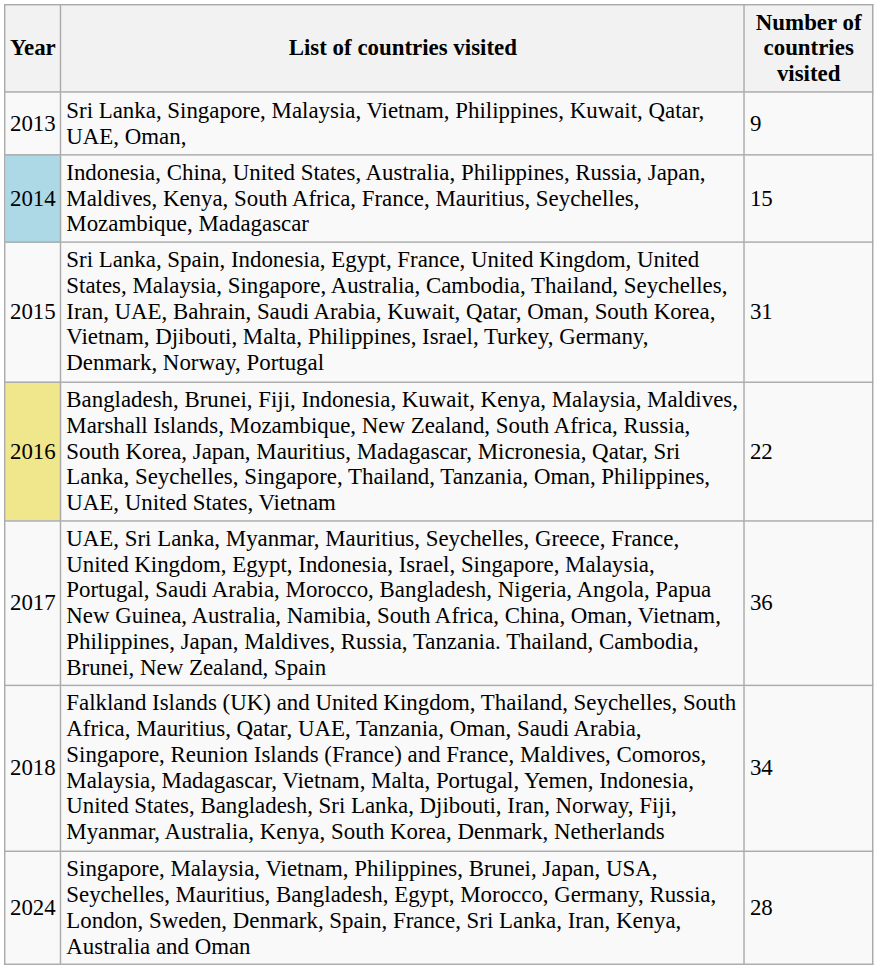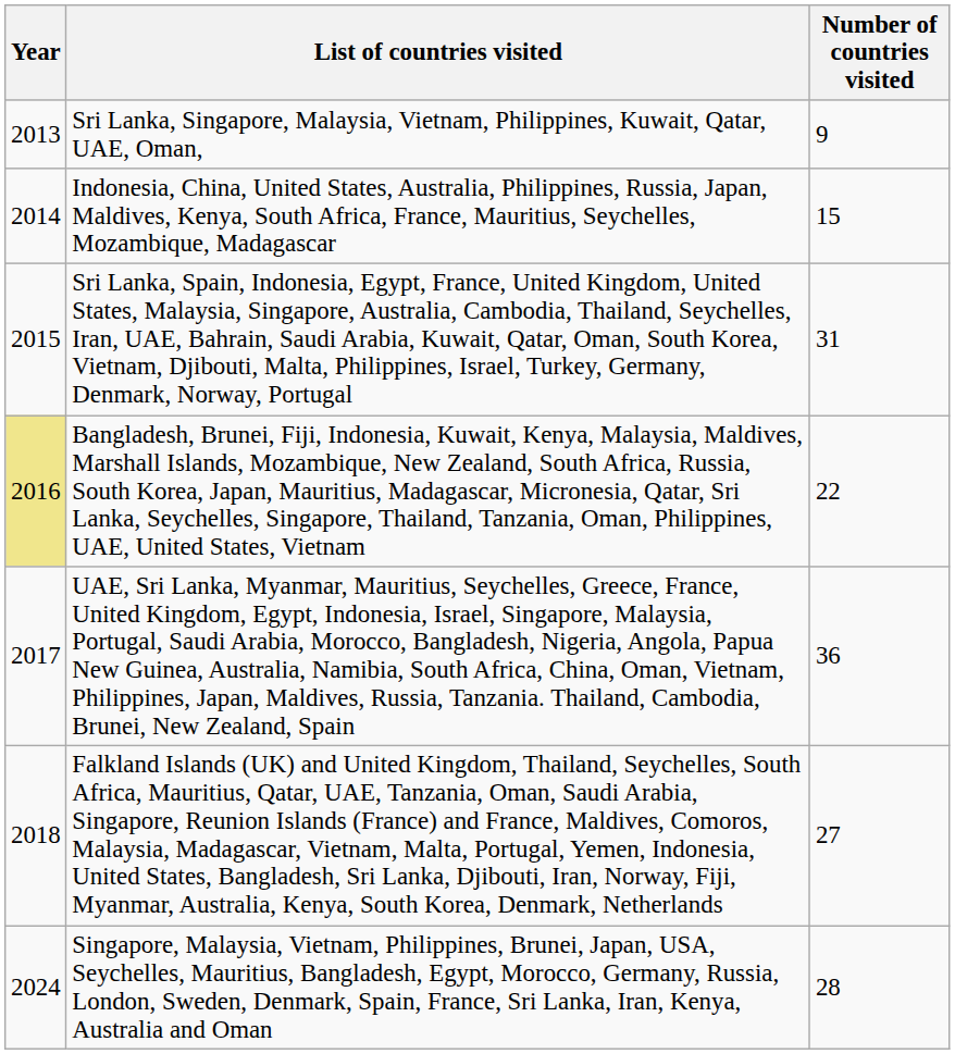 <table class="wikitable">
 <tr>
 <th>Year</th>
 <th>List of countries visited</th>
 <th>Number of countries visited</th>
 </tr>
 <tr>
 <td>2013</td>
 <td>Sri Lanka, Singapore, Malaysia, Vietnam, Philippines, Kuwait, Qatar, UAE, Oman,</td>
 <td>9</td>
 </tr>
 <tr>
-<td style="background: lightblue;">2014</td>
+<td>2014</td>
 <td>Indonesia, China, United States, Australia, Philippines, Russia, Japan, Maldives, Kenya, South Africa, France, Mauritius, Seychelles, Mozambique, Madagascar</td>
 <td>15</td>
 </tr>
 <tr>
 <td>2015</td>
 <td>Sri Lanka, Spain, Indonesia, Egypt, France, United Kingdom, United States, Malaysia, Singapore, Australia, Cambodia, Thailand, Seychelles, Iran, UAE, Bahrain, Saudi Arabia, Kuwait, Qatar, Oman, South Korea, Vietnam, Djibouti, Malta, Philippines, Israel, Turkey, Germany, Denmark, Norway, Portugal</td>
 <td>31</td>
 </tr>
 <tr>
 <td style="background: khaki;">2016</td>
 <td>Bangladesh, Brunei, Fiji, Indonesia, Kuwait, Kenya, Malaysia, Maldives, Marshall Islands, Mozambique, New Zealand, South Africa, Russia, South Korea, Japan, Mauritius, Madagascar, Micronesia, Qatar, Sri Lanka, Seychelles, Singapore, Thailand, Tanzania, Oman, Philippines, UAE, United States, Vietnam</td>
 <td>22</td>
 </tr>
 <tr>
 <td>2017</td>
 <td>UAE, Sri Lanka, Myanmar, Mauritius, Seychelles, Greece, France, United Kingdom, Egypt, Indonesia, Israel, Singapore, Malaysia, Portugal, Saudi Arabia, Morocco, Bangladesh, Nigeria, Angola, Papua New Guinea, Australia, Namibia, South Africa, China, Oman, Vietnam, Philippines, Japan, Maldives, Russia, Tanzania. Thailand, Cambodia, Brunei, New Zealand, Spain</td>
 <td>36</td>
 </tr>
 <tr>
 <td>2018</td>
 <td>Falkland Islands (UK) and United Kingdom, Thailand, Seychelles, South Africa, Mauritius, Qatar, UAE, Tanzania, Oman, Saudi Arabia, Singapore, Reunion Islands (France) and France, Maldives, Comoros, Malaysia, Madagascar, Vietnam, Malta, Portugal, Yemen, Indonesia, United States, Bangladesh, Sri Lanka, Djibouti, Iran, Norway, Fiji, Myanmar, Australia, Kenya, South Korea, Denmark, Netherlands</td>
-<td>34</td>
+<td>27</td>
 </tr>
 <tr>
 <td>2024</td>
 <td>Singapore, Malaysia, Vietnam, Philippines, Brunei, Japan, USA, Seychelles, Mauritius, Bangladesh, Egypt, Morocco, Germany, Russia, London, Sweden, Denmark, Spain, France, Sri Lanka, Iran, Kenya, Australia and Oman</td>
 <td>28</td>
 </tr>
 </table>
